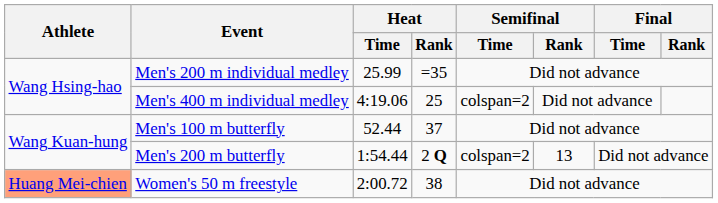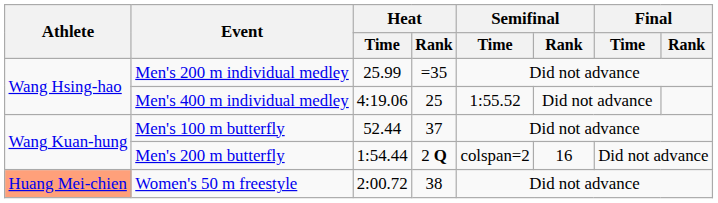 <table class=wikitable style="font-size:90%">
 <tr>
 <th rowspan="2">Athlete</th>
 <th rowspan="2">Event</th>
 <th colspan="2">Heat</th>
 <th colspan="2">Semifinal</th>
 <th colspan="2">Final</th>
 </tr>
 <tr style="font-size:95%">
 <th>Time</th>
 <th>Rank</th>
 <th>Time</th>
 <th>Rank</th>
 <th>Time</th>
 <th>Rank</th>
 </tr>
 <tr align=center>
 <td align=left rowspan=2><a href='#'>Wang Hsing-hao</a></td>
 <td align=left><a href='#'>Men's 200 m individual medley</a></td>
 <td>25.99</td>
 <td>=35</td>
 <td colspan="4">Did not advance</td>
 </tr>
 <tr align=center>
 <td align=left><a href='#'>Men's 400 m individual medley</a></td>
 <td>4:19.06</td>
 <td>25</td>
-<td>colspan=2 </td>
+<td>1:55.52</td>
 <td colspan="2">Did not advance</td>
 </tr>
 <tr align=center>
 <td align=left rowspan=2><a href='#'>Wang Kuan-hung</a></td>
 <td align=left><a href='#'>Men's 100 m butterfly</a></td>
 <td>52.44</td>
 <td>37</td>
 <td colspan="4">Did not advance</td>
 </tr>
 <tr align=center>
 <td align=left><a href='#'>Men's 200 m butterfly</a></td>
 <td>1:54.44</td>
 <td>2 <strong>Q</strong></td>
 <td>colspan=2 </td>
-<td>13</td>
+<td>16</td>
 <td colspan="2">Did not advance</td>
 </tr>
 <tr align=center>
 <td align=left style="background: lightsalmon;"><a href='#'>Huang Mei-chien</a></td>
 <td align=left><a href='#'>Women's 50 m freestyle</a></td>
 <td>2:00.72</td>
 <td>38</td>
 <td colspan="4">Did not advance</td>
 </tr>
 </table>
